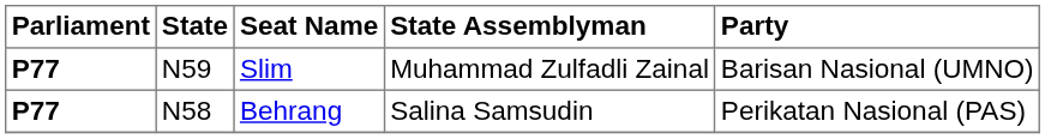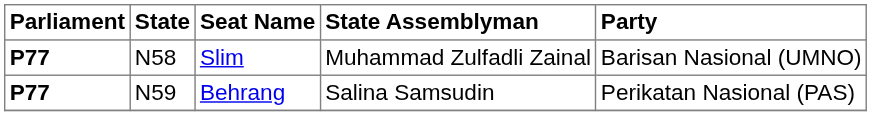 <table class="toccolours sortable" border="1" cellpadding="3" style="border-collapse:collapse; text-align: left;">
 <tr>
 <th align="center">Parliament</th>
 <th>State</th>
 <th>Seat Name</th>
 <th>State Assemblyman</th>
 <th>Party</th>
 </tr>
 <tr>
 <th align="left">P77</th>
-<td>N59</td>
+<td>N58</td>
 <td><a href='#'>Slim</a></td>
 <td>Muhammad Zulfadli Zainal</td>
 <td>Barisan Nasional (UMNO)</td>
 </tr>
 <tr>
 <th align="left">P77</th>
-<td>N58</td>
+<td>N59</td>
 <td><a href='#'>Behrang</a></td>
 <td>Salina Samsudin</td>
 <td>Perikatan Nasional (PAS)</td>
 </tr>
 <tr>
 </tr>
 </table>
